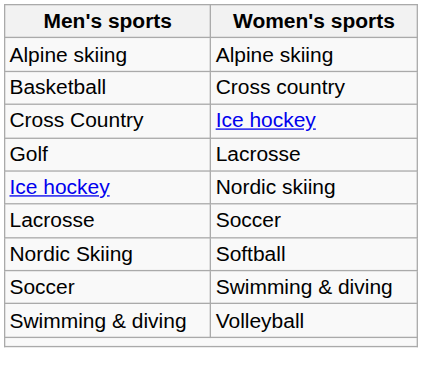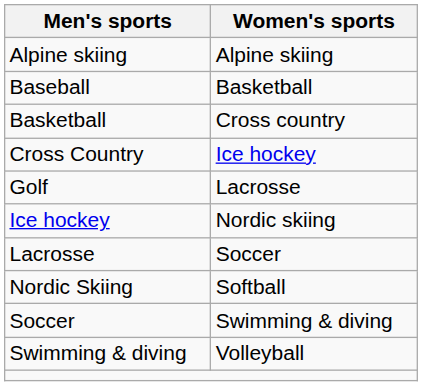 <table class="wikitable"; style= "text-align: ">
 <tr>
 <th width=150px>Men's sports</th>
 <th width=150px>Women's sports</th>
 </tr>
 <tr>
 <td>Alpine skiing</td>
 <td>Alpine skiing</td>
+</tr>
+<tr>
+<td>Baseball</td>
+<td>Basketball</td>
 </tr>
 <tr>
 <td>Basketball</td>
 <td>Cross country</td>
 </tr>
 <tr>
 <td>Cross Country</td>
 <td><a href='#'>Ice hockey</a></td>
 </tr>
 <tr>
 <td>Golf</td>
 <td>Lacrosse</td>
 </tr>
 <tr>
 <td><a href='#'>Ice hockey</a></td>
 <td>Nordic skiing</td>
 </tr>
 <tr>
 <td>Lacrosse</td>
 <td>Soccer</td>
 </tr>
 <tr>
 <td>Nordic Skiing</td>
 <td>Softball</td>
 </tr>
 <tr>
 <td>Soccer</td>
 <td>Swimming & diving</td>
 </tr>
 <tr>
 <td>Swimming & diving</td>
 <td>Volleyball</td>
 </tr>
 <tr>
 <td colspan="2"></td>
 </tr>
 </table>
